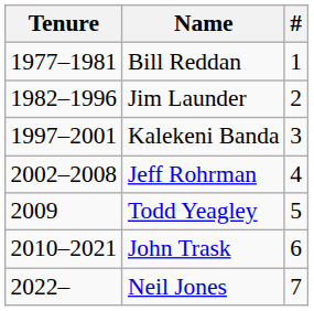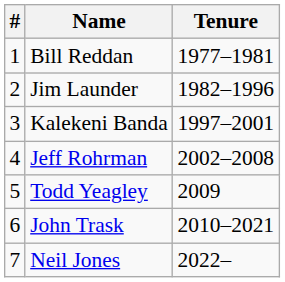 <table class="wikitable"; style= "text-align: ">
 <tr>
+<th width=px>#</th>
+<th width=px>Name</th>
 <th width=px>Tenure</th>
-<th width=px>Name</th>
-<th width=px>#</th>
 </tr>
 <tr>
+<td>1</td>
+<td>Bill Reddan</td>
 <td>1977–1981</td>
-<td>Bill Reddan</td>
-<td>1</td>
 </tr>
 <tr>
+<td>2</td>
+<td>Jim Launder</td>
 <td>1982–1996</td>
-<td>Jim Launder</td>
-<td>2</td>
 </tr>
 <tr>
+<td>3</td>
+<td>Kalekeni Banda</td>
 <td>1997–2001</td>
-<td>Kalekeni Banda</td>
-<td>3</td>
 </tr>
 <tr>
+<td>4</td>
+<td><a href='#'>Jeff Rohrman</a></td>
 <td>2002–2008</td>
-<td><a href='#'>Jeff Rohrman</a></td>
-<td>4</td>
 </tr>
 <tr>
+<td>5</td>
+<td><a href='#'>Todd Yeagley</a></td>
 <td>2009</td>
-<td><a href='#'>Todd Yeagley</a></td>
-<td>5</td>
 </tr>
 <tr>
+<td>6</td>
+<td><a href='#'>John Trask</a></td>
 <td>2010–2021</td>
-<td><a href='#'>John Trask</a></td>
-<td>6</td>
 </tr>
 <tr>
+<td>7</td>
+<td><a href='#'>Neil Jones</a></td>
 <td>2022–</td>
-<td><a href='#'>Neil Jones</a></td>
-<td>7</td>
 </tr>
 </table>
